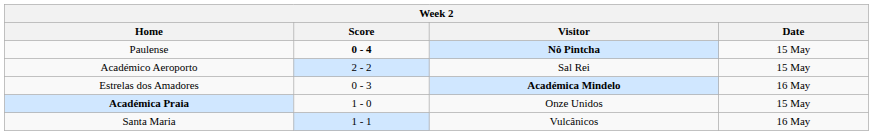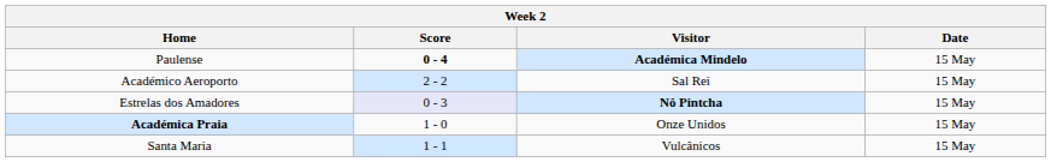 <table class="wikitable" style="font-size:95%; text-align: center; width: 95%;">
 <tr>
 <th colspan="12" style="with: 100%;" align=center>Week 2</th>
 </tr>
 <tr>
 <th width="200">Home</th>
 <th width="90">Score</th>
 <th width="200">Visitor</th>
 <th width="100">Date</th>
 </tr>
 <tr align=center>
 <td>Paulense</td>
 <td><strong>0 - 4</strong></td>
-<td bgcolor=#D0E7FF><strong>Nô Pintcha</strong></td>
+<td bgcolor=#D0E7FF><strong>Académica Mindelo</strong></td>
 <td>15 May</td>
 </tr>
 <tr align=center>
 <td>Académico Aeroporto</td>
 <td bgcolor=#D0E7FF>2 - 2</td>
 <td>Sal Rei</td>
 <td>15 May</td>
 </tr>
 <tr align=center>
 <td>Estrelas dos Amadores</td>
-<td>0 - 3</td>
-<td bgcolor=#D0E7FF><strong>Académica Mindelo</strong></td>
-<td>16 May</td>
+<td style="background: lavender;">0 - 3</td>
+<td bgcolor=#D0E7FF><strong>Nô Pintcha</strong></td>
+<td>15 May</td>
 </tr>
 <tr align=center>
 <td bgcolor=#D0E7FF><strong>Académica Praia</strong></td>
 <td>1 - 0</td>
 <td>Onze Unidos</td>
 <td>15 May</td>
 </tr>
 <tr align=center>
 <td>Santa Maria</td>
 <td bgcolor=#D0E7FF>1 - 1</td>
 <td>Vulcânicos</td>
-<td>16 May</td>
+<td>15 May</td>
 </tr>
 </table>
